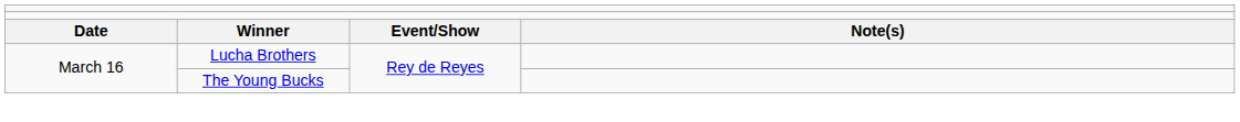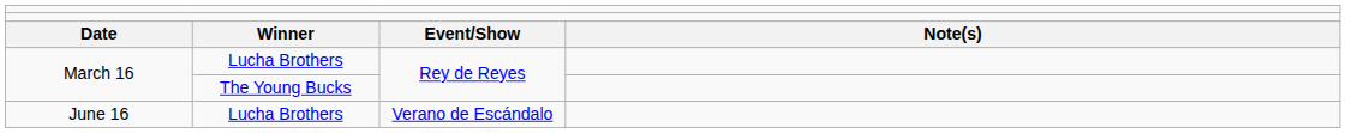 <table class="wikitable" style="text-align:center; width:100%;">
 <tr>
 <td colspan="4"></td>
 </tr>
 <tr>
 <td colspan="4"><strong></strong></td>
 </tr>
 <tr>
 <th width=14%>Date</th>
 <th width=14%>Winner</th>
 <th width=14%>Event/Show</th>
 <th width=58%>Note(s)</th>
 </tr>
 <tr>
 <td rowspan=2>March 16</td>
 <td><a href='#'>Lucha Brothers</a><br></td>
 <td rowspan=2><a href='#'>Rey de Reyes</a></td>
 <td></td>
 </tr>
 <tr>
 <td><a href='#'>The Young Bucks</a><br></td>
 <td></td>
 </tr>
+<tr>
+<td>June 16</td>
+<td><a href='#'>Lucha Brothers</a><br></td>
+<td><a href='#'>Verano de Escándalo</a></td>
+<td></td>
+</tr>
 </table>
